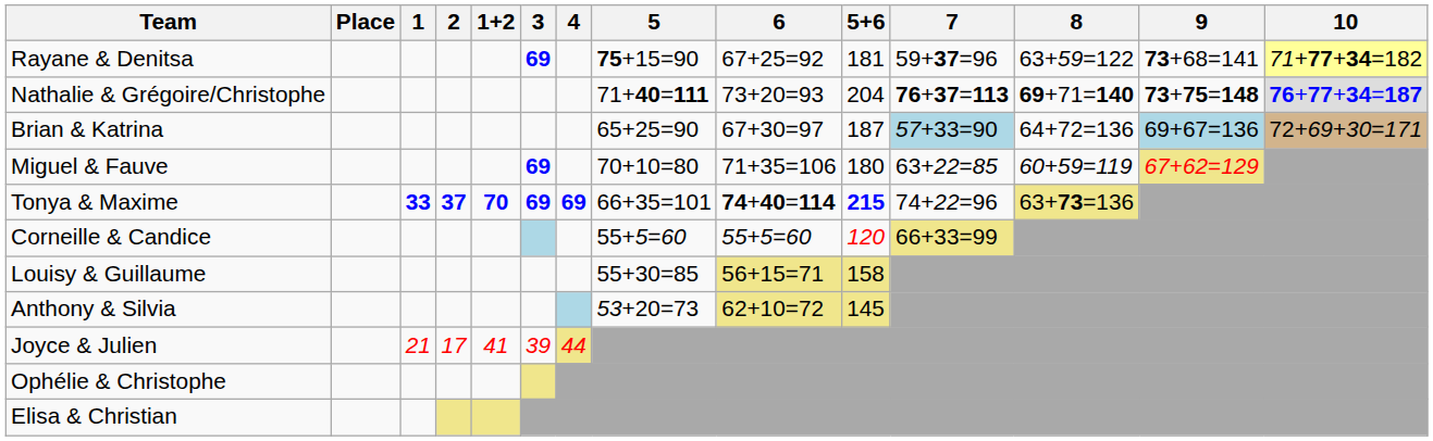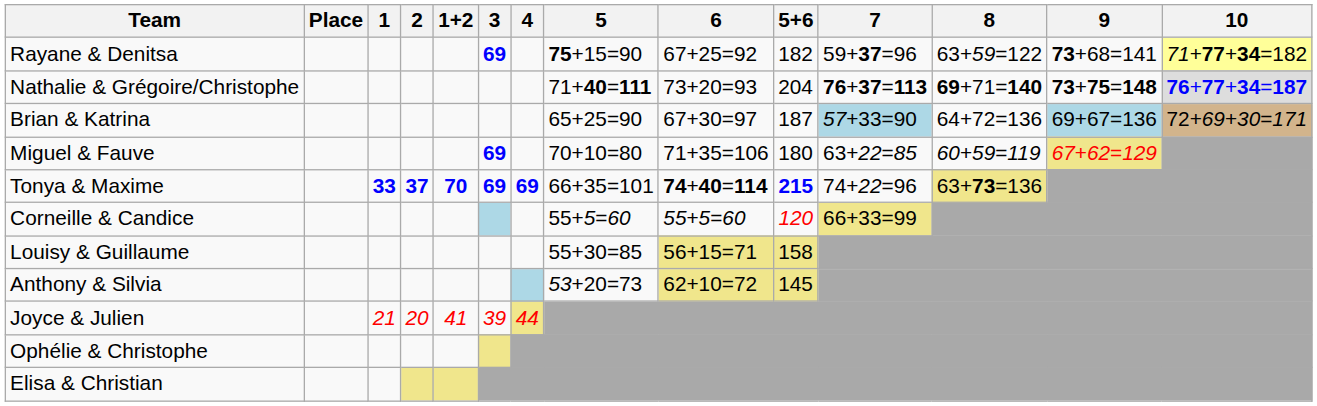 <table class="wikitable sortable" style="margin:auto;">
 <tr>
 <th>Team</th>
 <th>Place</th>
 <th>1</th>
 <th>2</th>
 <th>1+2</th>
 <th>3</th>
 <th>4</th>
 <th>5</th>
 <th>6</th>
 <th>5+6</th>
 <th>7</th>
 <th>8</th>
 <th>9</th>
 <th>10</th>
 </tr>
 <tr>
 <td>Rayane & Denitsa</td>
 <td></td>
 <td></td>
 <td></td>
 <td></td>
 <td style="text-align:center; color:blue;"><strong>69</strong></td>
 <td></td>
 <td><span><strong>75</strong></span>+15=90</td>
 <td>67+25=92</td>
-<td>181</td>
+<td>182</td>
 <td>59+<span><strong>37</strong></span>=96</td>
 <td>63+<span><em>59</em></span>=122</td>
 <td><span><strong>73</strong></span>+68=141</td>
 <td style="background:#ff9;"><span><em>71</em></span>+<span><strong>77</strong></span>+<span><strong>34</strong></span>=182</td>
 </tr>
 <tr>
 <td>Nathalie & Grégoire/Christophe</td>
 <td></td>
 <td></td>
 <td></td>
 <td></td>
 <td></td>
 <td></td>
 <td>71+<span><strong>40</strong></span>=<span><strong>111</strong></span></td>
 <td>73+20=93</td>
 <td>204</td>
 <td><span><strong>76</strong></span>+<span><strong>37</strong></span>=<span><strong>113</strong></span></td>
 <td><span><strong>69</strong></span>+71=<span><strong>140</strong></span></td>
 <td><span><strong>73</strong></span>+<span><strong>75</strong></span>=<span><strong>148</strong></span></td>
 <td style="background:#ddd; text-align:center; color:blue;"><span><strong>76</strong></span>+<span><strong>77</strong></span>+<span><strong>34</strong></span>=<span><strong>187</strong></span></td>
 </tr>
 <tr>
 <td>Brian & Katrina</td>
 <td></td>
 <td></td>
 <td></td>
 <td></td>
 <td></td>
 <td></td>
 <td>65+25=90</td>
 <td>67+30=97</td>
 <td>187</td>
 <td bgcolor="lightblue"><span><em>57</em></span>+33=90</td>
 <td>64+72=136</td>
 <td bgcolor="lightblue">69+67=136</td>
 <td style="background:tan;">72+<span><em>69</em></span>+<span><em>30</em></span>=<span><em>171</em></span></td>
 </tr>
 <tr>
 <td>Miguel & Fauve</td>
 <td></td>
 <td></td>
 <td></td>
 <td></td>
 <td style="text-align:center; color:blue;"><strong>69</strong></td>
 <td></td>
 <td>70+10=80</td>
 <td>71+35=106</td>
 <td>180</td>
 <td>63+<span><em>22</em></span>=<span><em>85</em></span></td>
 <td><span><em>60</em></span>+<span><em>59</em></span>=<span><em>119</em></span></td>
 <td style="background:Khaki; text-align:center; color:red;"><span><em>67</em></span>+<span><em>62</em></span>=<span><em>129</em></span></td>
 <td style="background:darkgrey;" colspan="2"></td>
 </tr>
 <tr>
 <td>Tonya & Maxime</td>
 <td></td>
 <td style="text-align:center; color:blue;"><strong>33</strong></td>
 <td style="text-align:center; color:blue;"><strong>37</strong></td>
 <td style="text-align:center; color:blue;"><strong>70</strong></td>
 <td style="text-align:center; color:blue;"><strong>69</strong></td>
 <td style="text-align:center; color:blue;"><strong>69</strong></td>
 <td>66+35=101</td>
 <td><span><strong>74</strong></span>+<span><strong>40</strong></span>=<span><strong>114</strong></span></td>
 <td style="text-align:center; color:blue;"><strong>215</strong></td>
 <td>74+<span><em>22</em></span>=96</td>
 <td style="background:Khaki;">63+<span><strong>73</strong></span>=136</td>
 <td style="background:darkgrey;" colspan="3"></td>
 </tr>
 <tr>
 <td>Corneille & Candice</td>
 <td></td>
 <td></td>
 <td></td>
 <td></td>
 <td style="background:lightblue;"></td>
 <td></td>
 <td>55+<span><em>5</em></span>=<span><em>60</em></span></td>
 <td><span><em>55</em></span>+<span><em>5</em></span>=<span><em>60</em></span></td>
 <td style="text-align:center; color:red;"><em>120</em></td>
 <td style="background:Khaki;">66+33=99</td>
 <td style="background:darkgrey;" colspan="4"></td>
 </tr>
 <tr>
 <td>Louisy & Guillaume</td>
 <td></td>
 <td></td>
 <td></td>
 <td></td>
 <td></td>
 <td></td>
 <td>55+30=85</td>
 <td style="background:Khaki;">56+15=71</td>
 <td style="background:Khaki;">158</td>
 <td style="background:darkgrey;" colspan="5"></td>
 </tr>
 <tr>
 <td>Anthony & Silvia</td>
 <td></td>
 <td></td>
 <td></td>
 <td></td>
 <td></td>
 <td style="background:lightblue;"></td>
 <td><span><em>53</em></span>+20=73</td>
 <td style="background:Khaki;">62+10=72</td>
 <td style="background:Khaki;">145</td>
 <td style="background:darkgrey;" colspan="5"></td>
 </tr>
 <tr>
 <td>Joyce & Julien</td>
 <td></td>
 <td style="text-align:center; color:red;"><em>21</em></td>
-<td style="text-align:center; color:red;"><em>17</em></td>
+<td style="text-align:center; color:red;"><em>20</em></td>
 <td style="text-align:center; color:red;"><em>41</em></td>
 <td style="text-align:center; color:red;"><em>39</em></td>
 <td style="background:Khaki; text-align:center; color:red;"><em>44</em></td>
 <td style="background:darkgrey;" colspan="10"></td>
 </tr>
 <tr>
 <td>Ophélie & Christophe</td>
 <td></td>
 <td></td>
 <td></td>
 <td></td>
 <td style="background:Khaki;"></td>
 <td style="background:darkgrey;" colspan="10"></td>
 </tr>
 <tr>
 <td>Elisa & Christian</td>
 <td></td>
 <td></td>
 <td style="background:Khaki;"></td>
 <td style="background:Khaki;"></td>
 <td style="background:darkgrey;" colspan="10"></td>
 </tr>
 </table>
